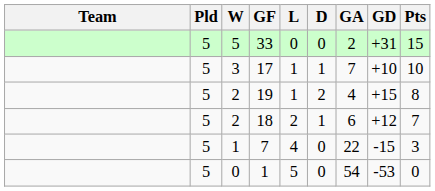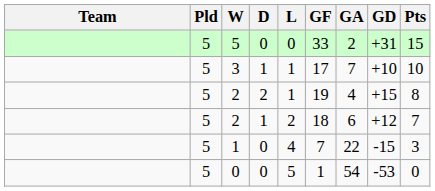 <table class="wikitable" style="text-align: center;">
 <tr>
 <th width=175>Team</th>
 <th style="width:20px;" abbr="Played">Pld</th>
 <th style="width:20px;" abbr="Won">W</th>
+<th style="width:20px;" abbr="Drawn">D</th>
+<th style="width:20px;" abbr="Lost">L</th>
 <th style="width:20px;" abbr="Goals for">GF</th>
-<th style="width:20px;" abbr="Lost">L</th>
-<th style="width:20px;" abbr="Drawn">D</th>
 <th style="width:20px;" abbr="Goals against">GA</th>
 <th style="width:20px;" abbr="Goal difference">GD</th>
 <th style="width:20px;" abbr="Points">Pts</th>
 </tr>
 <tr bgcolor="#ccffcc">
 <td align=left></td>
 <td>5</td>
 <td>5</td>
-<td>33</td>
 <td>0</td>
 <td>0</td>
+<td>33</td>
 <td>2</td>
 <td>+31</td>
 <td>15</td>
 </tr>
 <tr>
 <td align=left></td>
 <td>5</td>
 <td>3</td>
-<td>17</td>
 <td>1</td>
 <td>1</td>
+<td>17</td>
 <td>7</td>
 <td>+10</td>
 <td>10</td>
 </tr>
 <tr>
 <td align=left></td>
 <td>5</td>
 <td>2</td>
+<td>2</td>
+<td>1</td>
 <td>19</td>
-<td>1</td>
-<td>2</td>
 <td>4</td>
 <td>+15</td>
 <td>8</td>
 </tr>
 <tr>
 <td ALIGN=LEFT></td>
 <td>5</td>
 <td>2</td>
+<td>1</td>
+<td>2</td>
 <td>18</td>
-<td>2</td>
-<td>1</td>
 <td>6</td>
 <td>+12</td>
 <td>7</td>
 </tr>
 <tr>
 <td align=left></td>
 <td>5</td>
 <td>1</td>
+<td>0</td>
+<td>4</td>
 <td>7</td>
-<td>4</td>
-<td>0</td>
 <td>22</td>
 <td>-15</td>
 <td>3</td>
 </tr>
 <tr>
 <td align=left></td>
 <td>5</td>
 <td>0</td>
+<td>0</td>
+<td>5</td>
 <td>1</td>
-<td>5</td>
-<td>0</td>
 <td>54</td>
 <td>-53</td>
 <td>0</td>
 </tr>
 </table>
